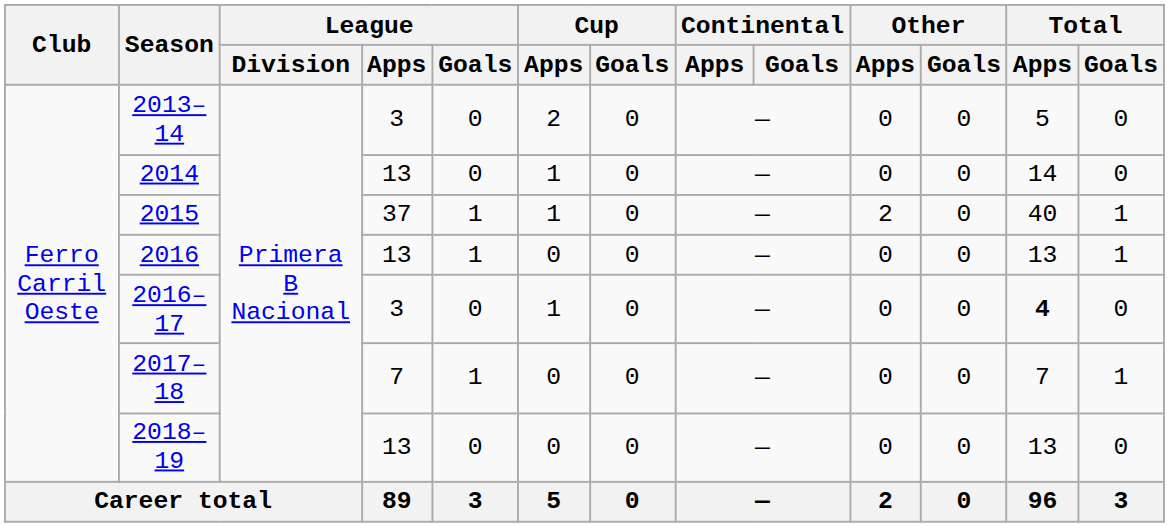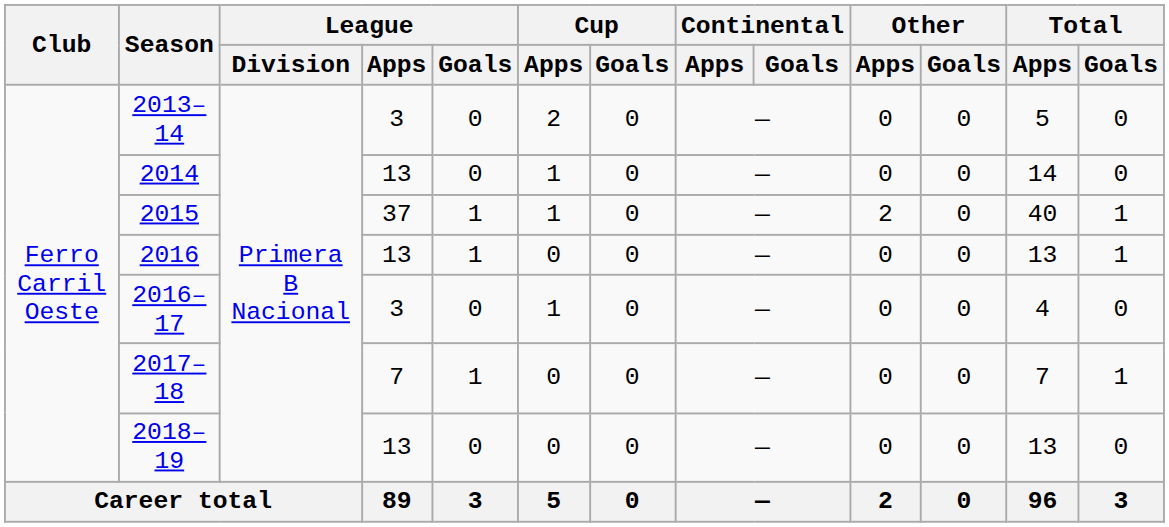 <table class="wikitable" style="text-align:center">
 <tr>
 <th rowspan="2">Club</th>
 <th rowspan="2">Season</th>
 <th colspan="3">League</th>
 <th colspan="2">Cup</th>
 <th colspan="2">Continental</th>
 <th colspan="2">Other</th>
 <th colspan="2">Total</th>
 </tr>
 <tr>
 <th>Division</th>
 <th>Apps</th>
 <th>Goals</th>
 <th>Apps</th>
 <th>Goals</th>
 <th>Apps</th>
 <th>Goals</th>
 <th>Apps</th>
 <th>Goals</th>
 <th>Apps</th>
 <th>Goals</th>
 </tr>
 <tr>
 <td rowspan="7"><a href='#'>Ferro Carril Oeste</a></td>
 <td><a href='#'>2013–14</a></td>
 <td rowspan="7"><a href='#'>Primera B Nacional</a></td>
 <td>3</td>
 <td>0</td>
 <td>2</td>
 <td>0</td>
 <td colspan="2">—</td>
 <td>0</td>
 <td>0</td>
 <td>5</td>
 <td>0</td>
 </tr>
 <tr>
 <td><a href='#'>2014</a></td>
 <td>13</td>
 <td>0</td>
 <td>1</td>
 <td>0</td>
 <td colspan="2">—</td>
 <td>0</td>
 <td>0</td>
 <td>14</td>
 <td>0</td>
 </tr>
 <tr>
 <td><a href='#'>2015</a></td>
 <td>37</td>
 <td>1</td>
 <td>1</td>
 <td>0</td>
 <td colspan="2">—</td>
 <td>2</td>
 <td>0</td>
 <td>40</td>
 <td>1</td>
 </tr>
 <tr>
 <td><a href='#'>2016</a></td>
 <td>13</td>
 <td>1</td>
 <td>0</td>
 <td>0</td>
 <td colspan="2">—</td>
 <td>0</td>
 <td>0</td>
 <td>13</td>
 <td>1</td>
 </tr>
 <tr>
 <td><a href='#'>2016–17</a></td>
 <td>3</td>
 <td>0</td>
 <td>1</td>
 <td>0</td>
 <td colspan="2">—</td>
 <td>0</td>
 <td>0</td>
-<td><strong>4</strong></td>
+<td>4</td>
 <td>0</td>
 </tr>
 <tr>
 <td><a href='#'>2017–18</a></td>
 <td>7</td>
 <td>1</td>
 <td>0</td>
 <td>0</td>
 <td colspan="2">—</td>
 <td>0</td>
 <td>0</td>
 <td>7</td>
 <td>1</td>
 </tr>
 <tr>
 <td><a href='#'>2018–19</a></td>
 <td>13</td>
 <td>0</td>
 <td>0</td>
 <td>0</td>
 <td colspan="2">—</td>
 <td>0</td>
 <td>0</td>
 <td>13</td>
 <td>0</td>
 </tr>
 <tr>
 <th colspan="3">Career total</th>
 <th>89</th>
 <th>3</th>
 <th>5</th>
 <th>0</th>
 <th colspan="2">—</th>
 <th>2</th>
 <th>0</th>
 <th>96</th>
 <th>3</th>
 </tr>
 </table>
